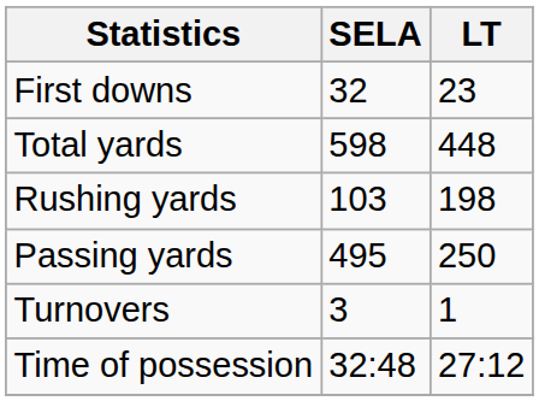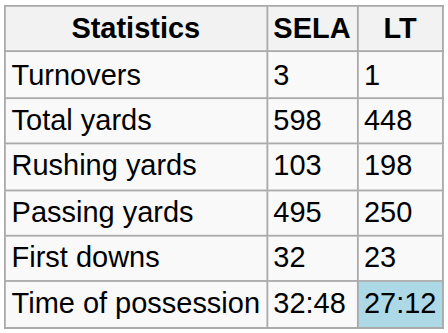 <table class="wikitable" style="float: left;">
 <tr>
 <th>Statistics</th>
 <th>SELA</th>
 <th>LT</th>
 </tr>
 <tr>
-<td>First downs</td>
-<td>32</td>
-<td>23</td>
+<td>Turnovers</td>
+<td>3</td>
+<td>1</td>
 </tr>
 <tr>
 <td>Total yards</td>
 <td>598</td>
 <td>448</td>
 </tr>
 <tr>
 <td>Rushing yards</td>
 <td>103</td>
 <td>198</td>
 </tr>
 <tr>
 <td>Passing yards</td>
 <td>495</td>
 <td>250</td>
 </tr>
 <tr>
-<td>Turnovers</td>
-<td>3</td>
-<td>1</td>
+<td>First downs</td>
+<td>32</td>
+<td>23</td>
 </tr>
 <tr>
 <td>Time of possession</td>
 <td>32:48</td>
-<td>27:12</td>
+<td style="background: lightblue;">27:12</td>
 </tr>
 <tr>
 </tr>
 </table>
